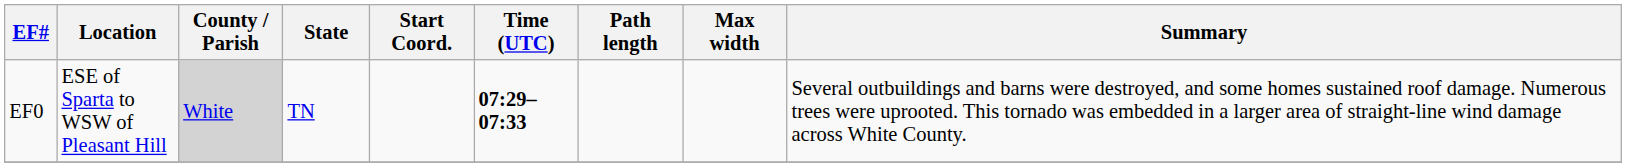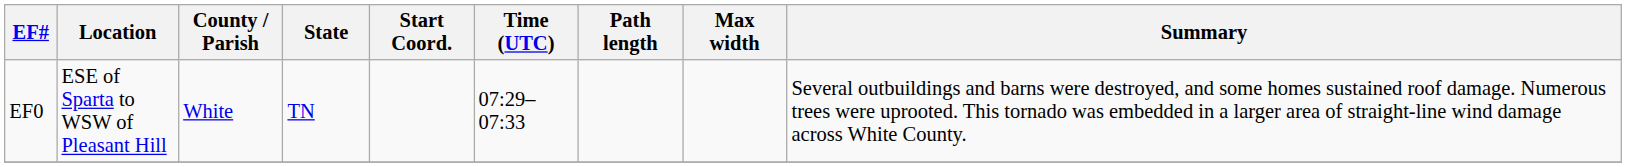 <table class="wikitable sortable" style="width:100%;">
 <tr>
 <th scope="col"  style="width:3%; text-align:center;"><a href='#'>EF#</a></th>
 <th scope="col"  style="width:7%; text-align:center;" class="unsortable">Location</th>
 <th scope="col"  style="width:6%; text-align:center;" class="unsortable">County / Parish</th>
 <th scope="col"  style="width:5%; text-align:center;">State</th>
 <th scope="col"  style="width:6%; text-align:center;">Start Coord.</th>
 <th scope="col"  style="width:6%; text-align:center;">Time (<a href='#'>UTC</a>)</th>
 <th scope="col"  style="width:6%; text-align:center;">Path length</th>
 <th scope="col"  style="width:6%; text-align:center;">Max width</th>
 <th scope="col" class="unsortable" style="width:48%; text-align:center;">Summary</th>
 </tr>
 <tr>
 <td>EF0</td>
 <td>ESE of <a href='#'>Sparta</a> to WSW of <a href='#'>Pleasant Hill</a></td>
-<td style="background: lightgrey;"><a href='#'>White</a></td>
+<td><a href='#'>White</a></td>
 <td><a href='#'>TN</a></td>
 <td></td>
-<td><strong>07:29–07:33</strong></td>
+<td>07:29–07:33</td>
 <td></td>
 <td></td>
 <td>Several outbuildings and barns were destroyed, and some homes sustained roof damage. Numerous trees were uprooted. This tornado was embedded in a larger area of straight-line wind damage across White County.</td>
 </tr>
 <tr>
 </tr>
 </table>
